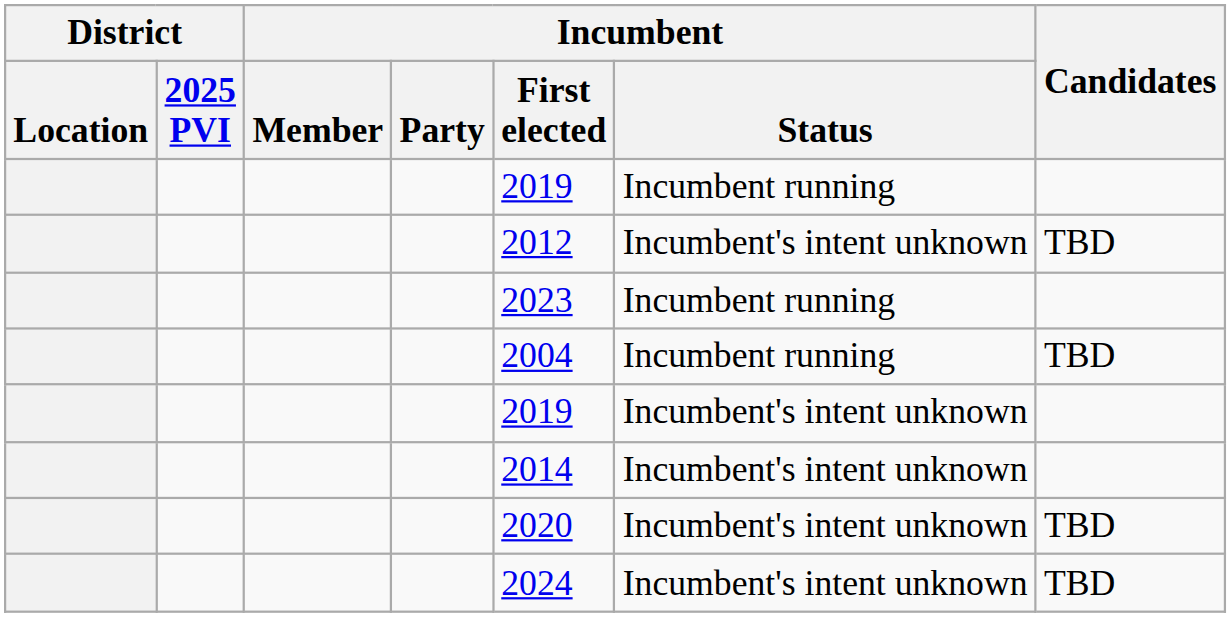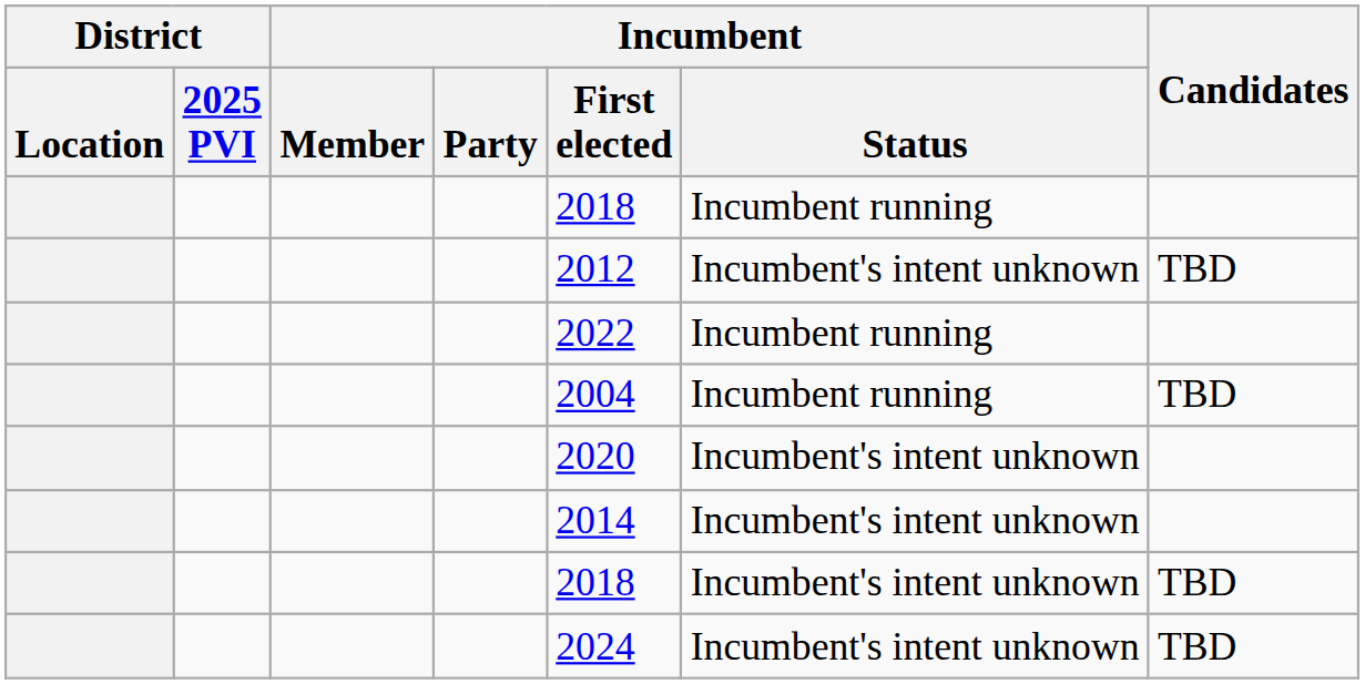 <table class="wikitable sortable">
 <tr>
 <th colspan=2>District</th>
 <th colspan=4>Incumbent</th>
 <th rowspan=2 class="unsortable">Candidates</th>
 </tr>
 <tr valign=bottom>
 <th>Location</th>
 <th><a href='#'>2025<br>PVI</a></th>
 <th>Member</th>
 <th>Party</th>
 <th>First<br>elected</th>
 <th>Status</th>
 </tr>
 <tr>
 <th></th>
 <td></td>
 <td></td>
 <td></td>
-<td><a href='#'>2019</a></td>
+<td><a href='#'>2018</a></td>
 <td>Incumbent running</td>
 <td></td>
 </tr>
 <tr>
 <th></th>
 <td></td>
 <td></td>
 <td></td>
 <td><a href='#'>2012</a></td>
 <td>Incumbent's intent unknown</td>
 <td>TBD</td>
 </tr>
 <tr>
 <th></th>
 <td></td>
 <td></td>
 <td></td>
-<td><a href='#'>2023</a></td>
+<td><a href='#'>2022</a></td>
 <td>Incumbent running</td>
 <td></td>
 </tr>
 <tr>
 <th></th>
 <td></td>
 <td></td>
 <td></td>
 <td><a href='#'>2004</a></td>
 <td>Incumbent running</td>
 <td>TBD</td>
 </tr>
 <tr>
 <th></th>
 <td></td>
 <td></td>
 <td></td>
-<td><a href='#'>2019</a></td>
+<td><a href='#'>2020</a></td>
 <td>Incumbent's intent unknown</td>
 <td></td>
 </tr>
 <tr>
 <th></th>
 <td></td>
 <td></td>
 <td></td>
 <td><a href='#'>2014</a></td>
 <td>Incumbent's intent unknown</td>
 <td></td>
 </tr>
 <tr>
 <th></th>
 <td></td>
 <td></td>
 <td></td>
-<td><a href='#'>2020 </a></td>
+<td><a href='#'>2018 </a></td>
 <td>Incumbent's intent unknown</td>
 <td>TBD</td>
 </tr>
 <tr>
 <th></th>
 <td></td>
 <td></td>
 <td></td>
 <td><a href='#'>2024 </a></td>
 <td>Incumbent's intent unknown</td>
 <td>TBD</td>
 </tr>
 </table>
